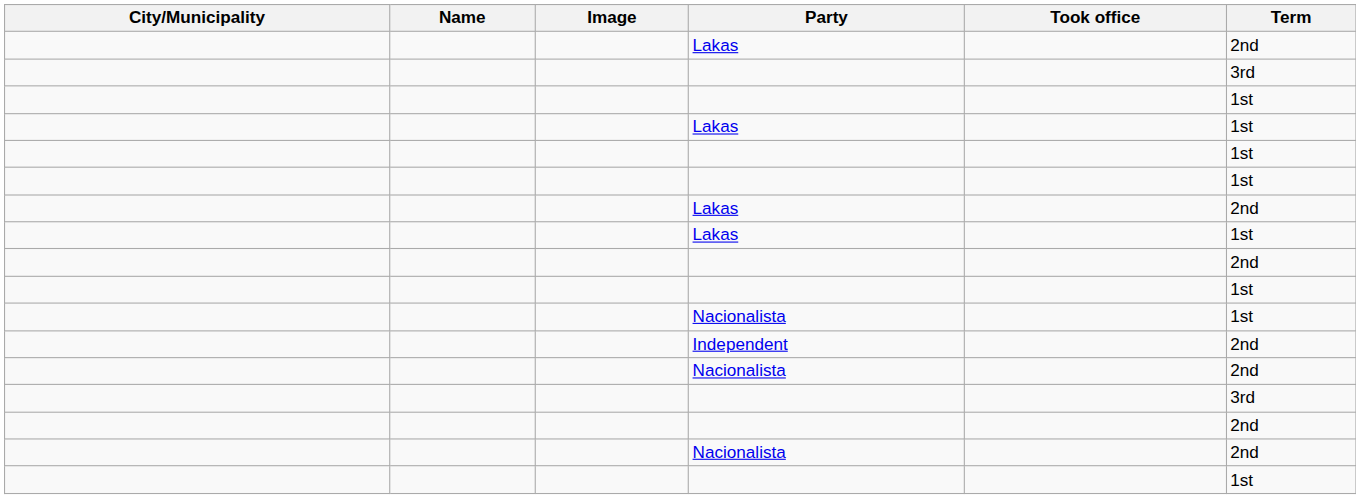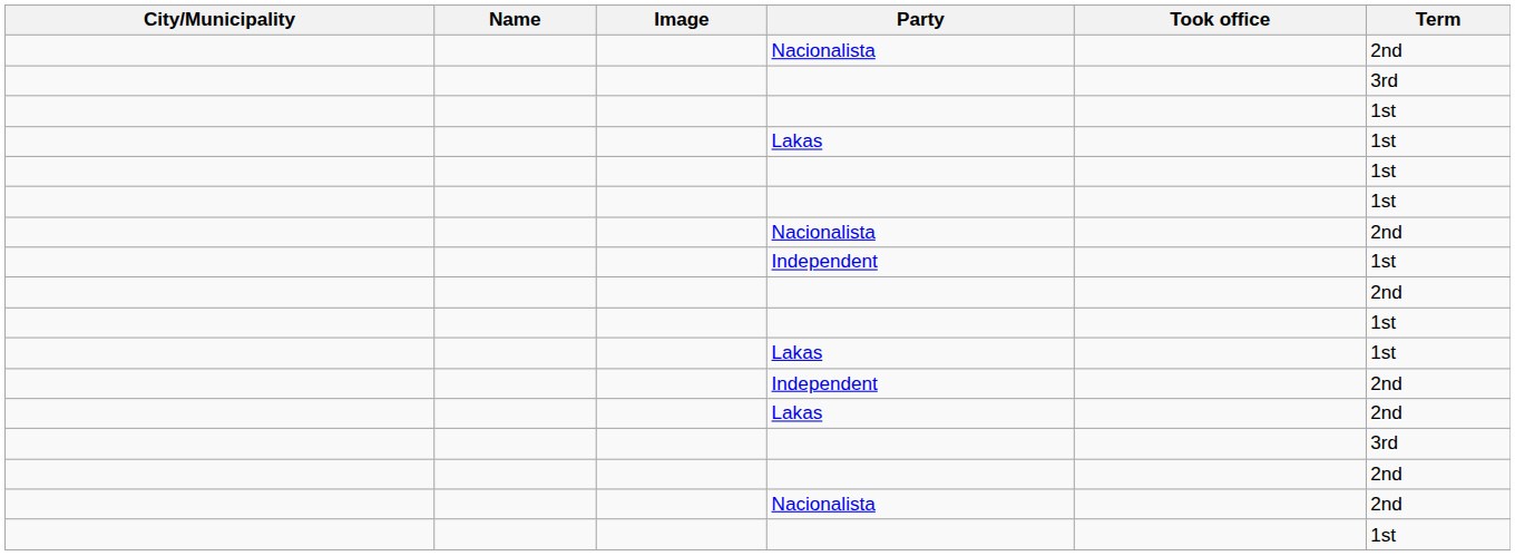 <table class="wikitable sortable mw-collapsible plainrowheaders" width="100%">
 <tr>
 <th>City/Municipality</th>
 <th>Name</th>
 <th>Image</th>
 <th>Party</th>
 <th>Took office</th>
 <th>Term</th>
 </tr>
 <tr>
 <td></td>
 <td></td>
 <td></td>
-<td style="background:"><a href='#'>Lakas</a></td>
+<td> <a href='#'>Nacionalista</a></td>
 <td></td>
 <td>2nd</td>
 </tr>
 <tr>
 <td></td>
 <td></td>
 <td></td>
 <td> </td>
 <td></td>
 <td>3rd</td>
 </tr>
 <tr>
 <td></td>
 <td></td>
 <td></td>
 <td></td>
 <td></td>
 <td>1st</td>
 </tr>
 <tr>
 <td></td>
 <td></td>
 <td></td>
 <td style="background:"><a href='#'>Lakas</a></td>
 <td></td>
 <td>1st</td>
 </tr>
 <tr>
 <td></td>
 <td></td>
 <td></td>
 <td style="background:"></td>
 <td></td>
 <td>1st</td>
 </tr>
 <tr>
 <td></td>
 <td></td>
 <td></td>
 <td> </td>
 <td></td>
 <td>1st</td>
 </tr>
 <tr>
 <td></td>
 <td></td>
 <td></td>
-<td style="background:"><a href='#'>Lakas</a></td>
+<td> <a href='#'>Nacionalista</a></td>
 <td></td>
 <td>2nd</td>
 </tr>
 <tr>
 <td></td>
 <td></td>
 <td></td>
-<td style="background:"><a href='#'>Lakas</a></td>
+<td style="background:"><a href='#'>Independent</a></td>
 <td></td>
 <td>1st</td>
 </tr>
 <tr>
 <td></td>
 <td></td>
 <td></td>
 <td> </td>
 <td></td>
 <td>2nd</td>
 </tr>
 <tr>
 <td></td>
 <td></td>
 <td></td>
 <td style="background:"></td>
 <td></td>
 <td>1st</td>
 </tr>
 <tr>
 <td></td>
 <td></td>
 <td></td>
-<td> <a href='#'>Nacionalista</a></td>
+<td style="background:"><a href='#'>Lakas</a></td>
 <td></td>
 <td>1st</td>
 </tr>
 <tr>
 <td></td>
 <td></td>
 <td></td>
 <td style="background:"><a href='#'>Independent</a></td>
 <td></td>
 <td>2nd</td>
 </tr>
 <tr>
 <td></td>
 <td></td>
 <td></td>
-<td> <a href='#'>Nacionalista</a></td>
+<td style="background:"><a href='#'>Lakas</a></td>
 <td></td>
 <td>2nd</td>
 </tr>
 <tr>
 <td></td>
 <td></td>
 <td></td>
 <td style="background:"></td>
 <td></td>
 <td>3rd</td>
 </tr>
 <tr>
 <td></td>
 <td></td>
 <td></td>
 <td style="background:"></td>
 <td></td>
 <td>2nd</td>
 </tr>
 <tr>
 <td></td>
 <td></td>
 <td></td>
 <td> <a href='#'>Nacionalista</a></td>
 <td></td>
 <td>2nd</td>
 </tr>
 <tr>
 <td></td>
 <td></td>
 <td></td>
 <td></td>
 <td></td>
 <td>1st</td>
 </tr>
 </table>
